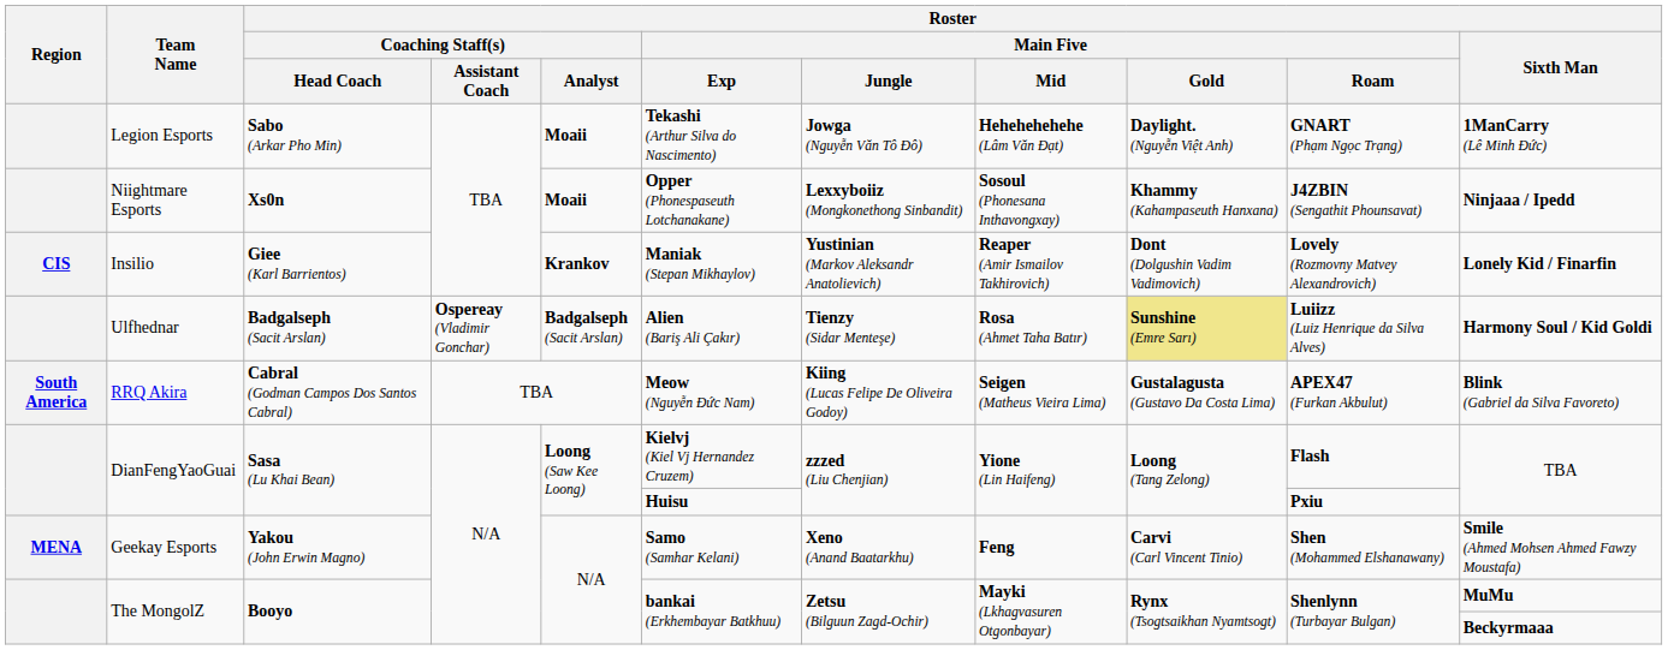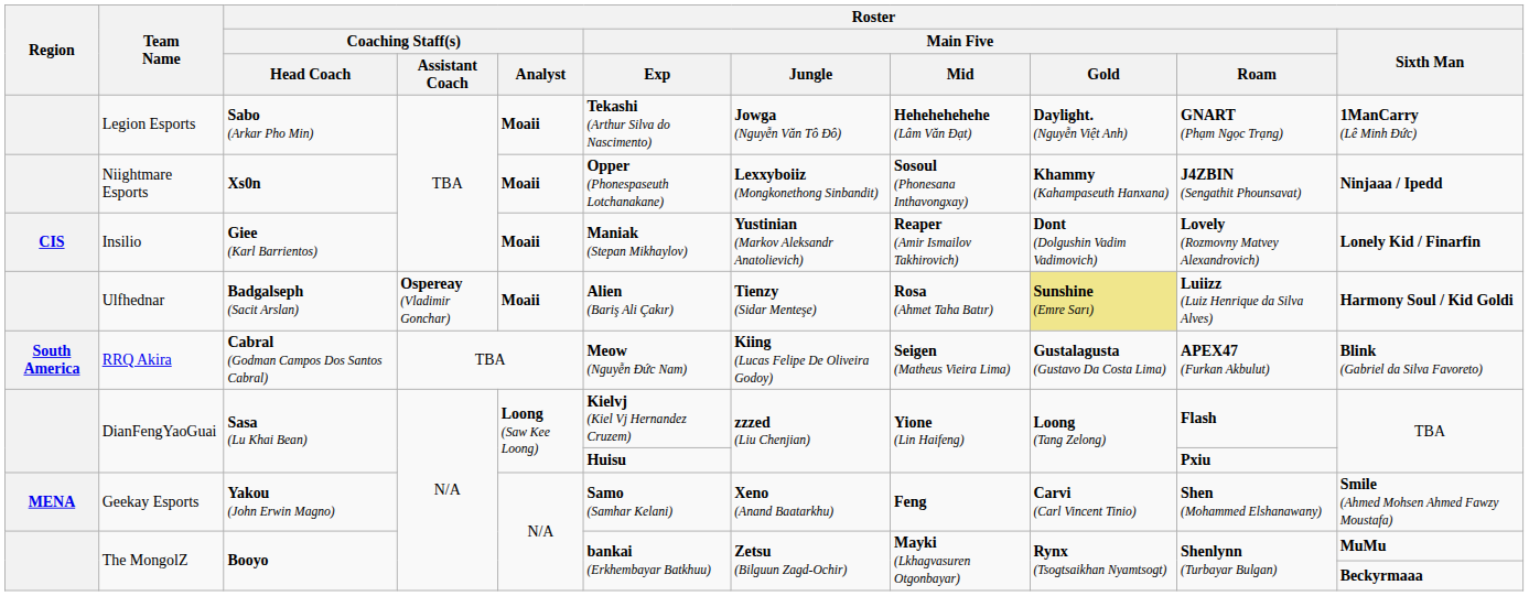 <table class="wikitable" style="margin-left: auto; margin-right: auto; font:90%;">
 <tr>
 <th rowspan="3">Region</th>
 <th rowspan="3">Team<br>Name</th>
 <th colspan="9">Roster</th>
 </tr>
 <tr>
 <th colspan="3">Coaching Staff(s)</th>
 <th colspan="5">Main Five</th>
 <th rowspan="2">Sixth Man</th>
 </tr>
 <tr>
 <th>Head Coach</th>
 <th>Assistant Coach</th>
 <th>Analyst</th>
 <th>Exp</th>
 <th>Jungle</th>
 <th>Mid</th>
 <th>Gold</th>
 <th>Roam</th>
 </tr>
 <tr>
 <th></th>
 <td>Legion Esports</td>
 <td> <strong>Sabo</strong><br><small><em>(Arkar Pho Min)</em></small></td>
 <td rowspan="3" style="text-align:center;">TBA</td>
 <td> <strong>Moaii</strong></td>
 <td> <strong>Tekashi</strong><br><small><em>(Arthur Silva do Nascimento)</em></small></td>
 <td> <strong>Jowga</strong><br><small><em>(Nguyễn Văn Tô Đô)</em></small></td>
 <td> <strong>Hehehehehehe</strong><br><small><em>(Lâm Văn Đạt)</em></small></td>
 <td> <strong>Daylight.</strong><br><small><em>(Nguyễn Việt Anh)</em></small></td>
 <td> <strong>GNART</strong><br><small><em>(Phạm Ngọc Trạng)</em></small></td>
 <td> <strong>1ManCarry</strong><br><small><em>(Lê Minh Đức)</em></small></td>
 </tr>
 <tr>
 <th></th>
 <td>Niightmare Esports</td>
 <td> <strong>Xs0n</strong></td>
 <td> <strong>Moaii</strong></td>
 <td> <strong>Opper</strong><br><small><em>(Phonespaseuth Lotchanakane)</em></small></td>
 <td> <strong>Lexxyboiiz</strong><br><small><em>(Mongkonethong Sinbandit)</em></small></td>
 <td> <strong>Sosoul</strong><br><small><em>(Phonesana Inthavongxay)</em></small></td>
 <td> <strong>Khammy</strong><br><small><em>(Kahampaseuth Hanxana)</em></small></td>
 <td> <strong>J4ZBIN</strong><br><small><em>(Sengathit Phounsavat)</em></small></td>
 <td> <strong>Ninjaaa /  Ipedd</strong></td>
 </tr>
 <tr>
 <th> <a href='#'>CIS</a></th>
 <td>Insilio</td>
 <td> <strong>Giee</strong><br><small><em>(Karl Barrientos)</em></small></td>
-<td> <strong>Krankov</strong></td>
+<td> <strong>Moaii</strong></td>
 <td> <strong>Maniak</strong><br><small><em>(Stepan Mikhaylov)</em></small></td>
 <td> <strong>Yustinian</strong><br><small><em>(Markov Aleksandr Anatolievich)</em></small></td>
 <td> <strong>Reaper</strong><br><small><em>(Amir Ismailov Takhirovich)</em></small></td>
 <td> <strong>Dont</strong><br><small><em>(Dolgushin Vadim Vadimovich)</em></small></td>
 <td> <strong>Lovely</strong><br><small><em>(Rozmovny Matvey Alexandrovich)</em></small></td>
 <td> <strong>Lonely Kid /  Finarfin</strong></td>
 </tr>
 <tr>
 <th></th>
 <td>Ulfhednar</td>
 <td> <strong>Badgalseph</strong><br><small><em>(Sacit Arslan)</em></small></td>
 <td> <strong>Ospereay</strong><br><small><em>(Vladimir Gonchar)</em></small></td>
-<td> <strong>Badgalseph</strong><br><small><em>(Sacit Arslan)</em></small></td>
+<td> <strong>Moaii</strong></td>
 <td> <strong>Alien</strong><br><small><em>(Bariş Ali Çakır)</em></small></td>
 <td> <strong>Tienzy</strong><br><small><em>(Sidar Menteşe)</em></small></td>
 <td> <strong>Rosa</strong><br><small><em>(Ahmet Taha Batır)</em></small></td>
 <td style="background: khaki;"> <strong>Sunshine</strong><br><small><em>(Emre Sarı)</em></small></td>
 <td> <strong>Luiizz</strong><br><small><em>(Luiz Henrique da Silva Alves)</em></small></td>
 <td> <strong>Harmony Soul /  Kid Goldi</strong></td>
 </tr>
 <tr>
 <th><a href='#'>South America</a></th>
 <td> <a href='#'>RRQ Akira</a></td>
 <td> <strong>Cabral</strong><br><small><em>(Godman Campos Dos Santos Cabral)</em></small></td>
 <td colspan="2" style="text-align:center;">TBA</td>
 <td> <strong>Meow</strong><br><small><em>(Nguyễn Đức Nam)</em></small></td>
 <td> <strong>Kiing</strong><br><small><em>(Lucas Felipe De Oliveira Godoy)</em></small></td>
 <td> <strong>Seigen</strong><br><small><em>(Matheus Vieira Lima)</em></small></td>
 <td> <strong>Gustalagusta</strong><br><small><em>(Gustavo Da Costa Lima)</em></small></td>
 <td> <strong>APEX47</strong><br><small><em>(Furkan Akbulut)</em></small></td>
 <td> <strong>Blink</strong><br><small><em>(Gabriel da Silva Favoreto)</em></small></td>
 </tr>
 <tr>
 <th rowspan="2"></th>
 <td rowspan="2">DianFengYaoGuai</td>
 <td rowspan="2"> <strong>Sasa</strong><br><small><em>(Lu Khai Bean)</em></small></td>
 <td rowspan="5" style="text-align:center;">N/A</td>
 <td rowspan="2"> <strong>Loong</strong><br><small><em>(Saw Kee Loong)</em></small></td>
 <td> <strong>Kielvj</strong><br><small><em>(Kiel Vj Hernandez Cruzem)</em></small></td>
 <td rowspan="2"> <strong>zzzed</strong><br><small><em>(Liu Chenjian)</em></small></td>
 <td rowspan="2"> <strong>Yione</strong><br><small><em>(Lin Haifeng)</em></small></td>
 <td rowspan="2"> <strong>Loong</strong><br><small><em>(Tang Zelong)</em></small></td>
 <td> <strong>Flash</strong></td>
 <td rowspan="2" style="text-align:center;">TBA</td>
 </tr>
 <tr>
 <td> <strong>Huisu</strong></td>
 <td> <strong>Pxiu</strong></td>
 </tr>
 <tr>
 <th><a href='#'>MENA</a></th>
 <td> Geekay Esports</td>
 <td> <strong>Yakou</strong><br><small><em>(John Erwin Magno)</em></small></td>
 <td rowspan="3" style="text-align:center;">N/A</td>
 <td> <strong>Samo</strong><br><small><em>(Samhar Kelani)</em></small></td>
 <td> <strong>Xeno</strong><br><small><em>(Anand Baatarkhu)</em></small></td>
 <td> <strong>Feng</strong></td>
 <td> <strong>Carvi</strong><br><small><em>(Carl Vincent Tinio)</em></small></td>
 <td> <strong>Shen</strong><br><small><em>(Mohammed Elshanawany)</em></small></td>
 <td> <strong>Smile</strong><br><small><em>(Ahmed Mohsen Ahmed Fawzy Moustafa)</em></small></td>
 </tr>
 <tr>
 <th rowspan="2"></th>
 <td rowspan="2">The MongolZ</td>
 <td rowspan="2"> <strong>Booyo</strong></td>
 <td rowspan="2"> <strong>bankai</strong><br><small> <em>(Erkhembayar Batkhuu)</em></small></td>
 <td rowspan="2"> <strong>Zetsu</strong><br><small> <em>(Bilguun Zagd-Ochir)</em></small></td>
 <td rowspan="2"> <strong>Mayki</strong><br><small> <em>(Lkhagvasuren Otgonbayar)</em></small></td>
 <td rowspan="2"> <strong>Rynx</strong> <br><small><em>(Tsogtsaikhan Nyamtsogt)</em></small></td>
 <td rowspan="2"> <strong>Shenlynn</strong><br><small><em>(Turbayar Bulgan)</em></small></td>
 <td> <strong>MuMu</strong></td>
 </tr>
 <tr>
 <td> <strong>Beckyrmaaa</strong></td>
 </tr>
 </table>
